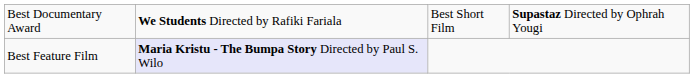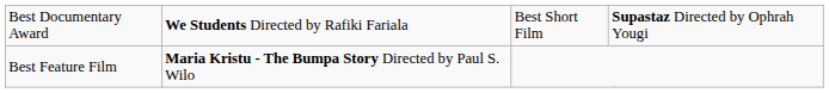 <table class="wikitable">
 <tr>
 <td>Best Documentary Award</td>
 <td><strong>We Students</strong> Directed by Rafiki Fariala</td>
 <td>Best Short Film</td>
 <td><strong>Supastaz</strong> Directed by Ophrah Yougi</td>
 </tr>
 <tr>
 <td>Best Feature Film</td>
-<td style="background: lavender;"><strong>Maria Kristu - The Bumpa Story</strong> Directed by Paul S. Wilo</td>
+<td><strong>Maria Kristu - The Bumpa Story</strong> Directed by Paul S. Wilo</td>
 </tr>
 </table>
